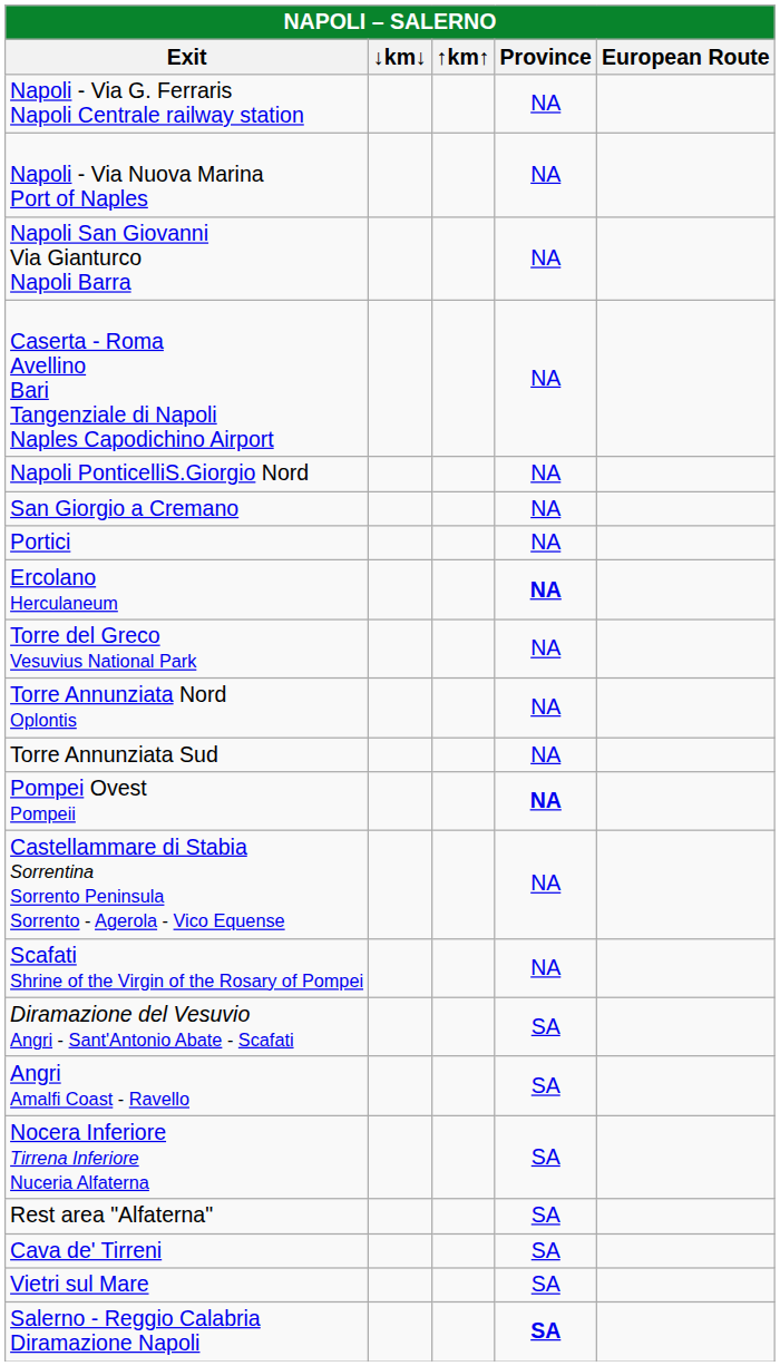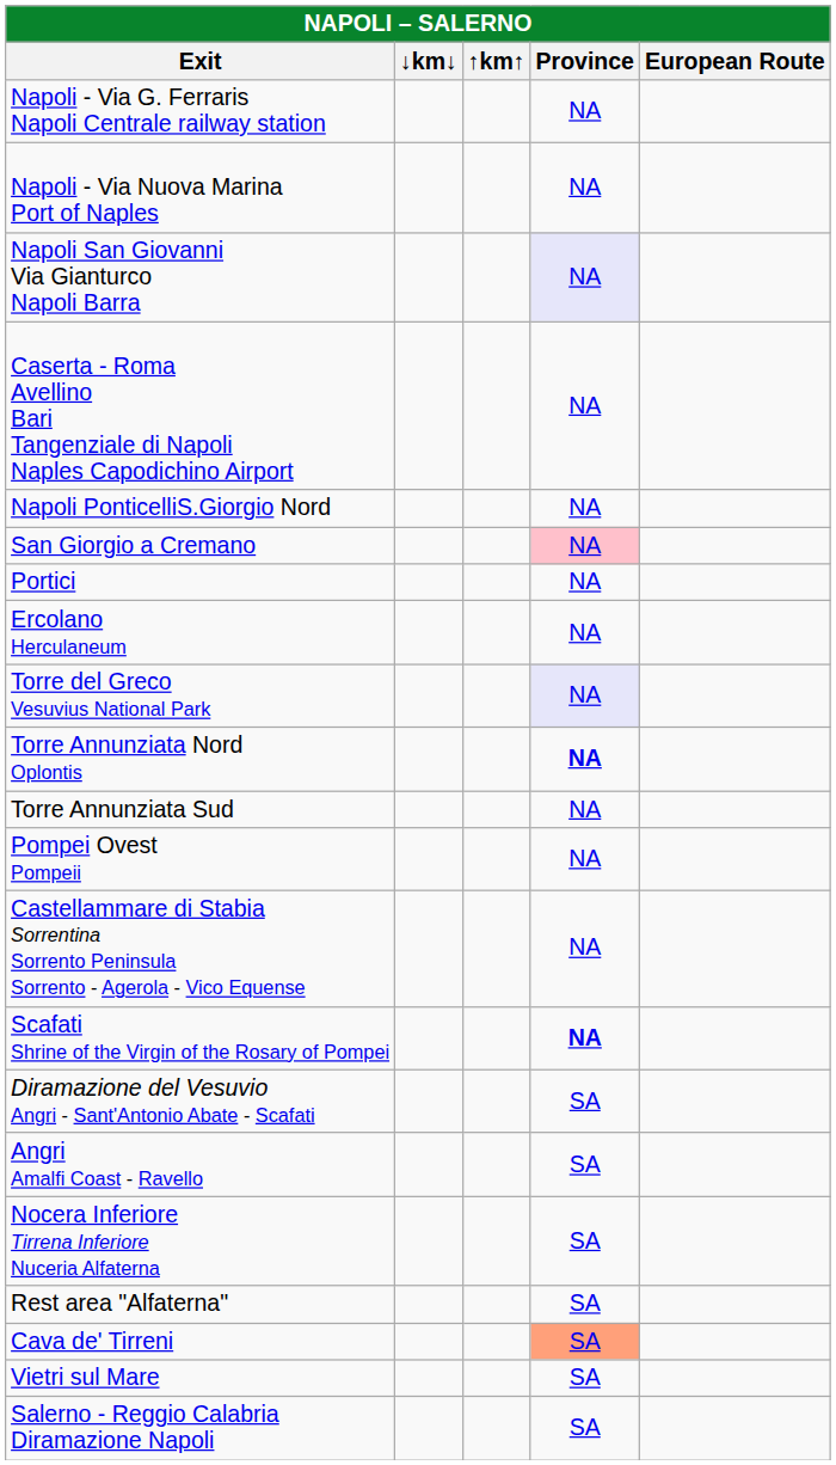 <table class="wikitable">
 <tr style="background:#08842c; text-align:center; color:white; font-size:100%;">
 <td colspan="6"><strong> NAPOLI – SALERNO</strong></td>
 </tr>
 <tr>
 <th style="text-align:center;"><strong>Exit</strong></th>
 <th style="text-align:center;"><strong>↓km↓</strong></th>
 <th style="text-align:center;"><strong>↑km↑</strong></th>
 <th align="center"><strong>Province</strong></th>
 <th align="center"><strong>European Route</strong></th>
 </tr>
 <tr>
 <td>  <a href='#'>Napoli</a>  - Via G. Ferraris <br> <a href='#'>Napoli Centrale railway station</a></td>
 <td align="right"></td>
 <td align="right"></td>
 <td align="center"><a href='#'>NA</a></td>
 <td> </td>
 </tr>
 <tr>
 <td><br><a href='#'>Napoli</a>  - Via Nuova Marina <br> <a href='#'>Port of Naples</a></td>
 <td align="right"></td>
 <td align="right"></td>
 <td align="center"><a href='#'>NA</a></td>
 <td> </td>
 </tr>
 <tr>
 <td> <a href='#'>Napoli San Giovanni</a><br> Via Gianturco<br><a href='#'>Napoli Barra</a></td>
 <td align="right"></td>
 <td align="right"></td>
-<td align="center"><a href='#'>NA</a></td>
+<td align="center" style="background: lavender;"><a href='#'>NA</a></td>
 <td> </td>
 </tr>
 <tr>
 <td><br>  <a href='#'>Caserta - Roma</a><br>  <a href='#'>Avellino</a><br>  <a href='#'>Bari</a><br> <a href='#'>Tangenziale di Napoli</a><br> <a href='#'>Naples Capodichino Airport</a></td>
 <td align="right"></td>
 <td align="right"></td>
 <td align="center"><a href='#'>NA</a></td>
 <td align="center"></td>
 </tr>
 <tr>
 <td> <a href='#'>Napoli Ponticelli</a><a href='#'>S.Giorgio</a> Nord</td>
 <td align="right"></td>
 <td align="right"></td>
 <td align="center"><a href='#'>NA</a></td>
 <td align="center"></td>
 </tr>
 <tr>
 <td> <a href='#'>San Giorgio a Cremano</a></td>
 <td align="right"></td>
 <td align="right"></td>
-<td align="center"><a href='#'>NA</a></td>
+<td align="center" style="background: pink;"><a href='#'>NA</a></td>
 <td align="center"></td>
 </tr>
 <tr>
 <td> <a href='#'>Portici</a></td>
 <td align="right"></td>
 <td align="right"></td>
 <td align="center"><a href='#'>NA</a></td>
 <td align="center"></td>
 </tr>
 <tr>
 <td> <a href='#'>Ercolano</a><br><small> <a href='#'>Herculaneum</a></small></td>
 <td align="right"></td>
 <td align="right"></td>
-<td align="center"><strong><a href='#'>NA</a></strong></td>
+<td align="center"><a href='#'>NA</a></td>
 <td align="center"></td>
 </tr>
 <tr>
 <td> <a href='#'>Torre del Greco</a><br><small> <a href='#'>Vesuvius National Park</a></small></td>
 <td align="right"></td>
 <td align="right"></td>
-<td align="center"><a href='#'>NA</a></td>
+<td align="center" style="background: lavender;"><a href='#'>NA</a></td>
 <td align="center"></td>
 </tr>
 <tr>
 <td> <a href='#'>Torre Annunziata</a> Nord<br><small> <a href='#'>Oplontis</a></small></td>
 <td align="right"></td>
 <td align="right"></td>
-<td align="center"><a href='#'>NA</a></td>
+<td align="center"><strong><a href='#'>NA</a></strong></td>
 <td align="center"></td>
 </tr>
 <tr>
 <td> Torre Annunziata Sud</td>
 <td align="right"></td>
 <td align="right"></td>
 <td align="center"><a href='#'>NA</a></td>
 <td align="center"></td>
 </tr>
 <tr>
 <td> <a href='#'>Pompei</a> Ovest<br><small> <a href='#'>Pompeii</a> </small></td>
 <td align="right"></td>
 <td align="right"></td>
-<td align="center"><strong><a href='#'>NA</a></strong></td>
+<td align="center"><a href='#'>NA</a></td>
 <td align="center"></td>
 </tr>
 <tr>
 <td> <a href='#'>Castellammare di Stabia</a><br><small> <em>Sorrentina</em><br> <a href='#'>Sorrento Peninsula</a><br><a href='#'>Sorrento</a> - <a href='#'>Agerola</a> - <a href='#'>Vico Equense</a> </small></td>
 <td align="right"></td>
 <td align="right"></td>
 <td align="center"><a href='#'>NA</a></td>
 <td align="center"></td>
 </tr>
 <tr>
 <td> <a href='#'>Scafati</a><br><small>  <a href='#'>Shrine of the Virgin of the Rosary of Pompei</a> </small></td>
 <td align="right"></td>
 <td align="right"></td>
-<td align="center"><a href='#'>NA</a></td>
+<td align="center"><strong><a href='#'>NA</a></strong></td>
 <td align="center"></td>
 </tr>
 <tr>
 <td> <em>Diramazione</em>  <em>del Vesuvio</em><br><small><a href='#'>Angri</a> - <a href='#'>Sant'Antonio Abate</a> - <a href='#'>Scafati</a></small></td>
 <td align="right"></td>
 <td align="right"></td>
 <td align="center"><a href='#'>SA</a></td>
 <td align="center"></td>
 </tr>
 <tr>
 <td> <a href='#'>Angri</a><br><small> <a href='#'>Amalfi Coast</a> - <a href='#'>Ravello</a></small></td>
 <td align="right"></td>
 <td align="right"></td>
 <td align="center"><a href='#'>SA</a></td>
 <td align="center"></td>
 </tr>
 <tr>
 <td> <a href='#'>Nocera Inferiore</a><br><small> <em><a href='#'>Tirrena Inferiore</a></em><br> <a href='#'>Nuceria Alfaterna</a></small></td>
 <td align="right"></td>
 <td align="right"></td>
 <td align="center"><a href='#'>SA</a></td>
 <td align="center"></td>
 </tr>
 <tr>
 <td> Rest area "Alfaterna"</td>
 <td align="right"></td>
 <td align="right"></td>
 <td align="center"><a href='#'>SA</a></td>
 <td align="center"></td>
 </tr>
 <tr>
 <td> <a href='#'>Cava de' Tirreni</a></td>
 <td align="right"></td>
 <td align="right"></td>
-<td align="center"><a href='#'>SA</a></td>
+<td align="center" style="background: lightsalmon;"><a href='#'>SA</a></td>
 <td align="center"></td>
 </tr>
 <tr>
 <td> <a href='#'>Vietri sul Mare</a></td>
 <td align="right"></td>
 <td align="right"></td>
 <td align="center"><a href='#'>SA</a></td>
 <td align="center"></td>
 </tr>
 <tr>
 <td>   <a href='#'>Salerno - Reggio Calabria</a><br>  <a href='#'>Diramazione Napoli</a></td>
 <td style="text-align:right;"></td>
 <td style="text-align:right;"></td>
-<td style="text-align:center;"><strong><a href='#'>SA</a></strong></td>
+<td style="text-align:center;"><a href='#'>SA</a></td>
 <td style="text-align:center;"></td>
 </tr>
 </table>
